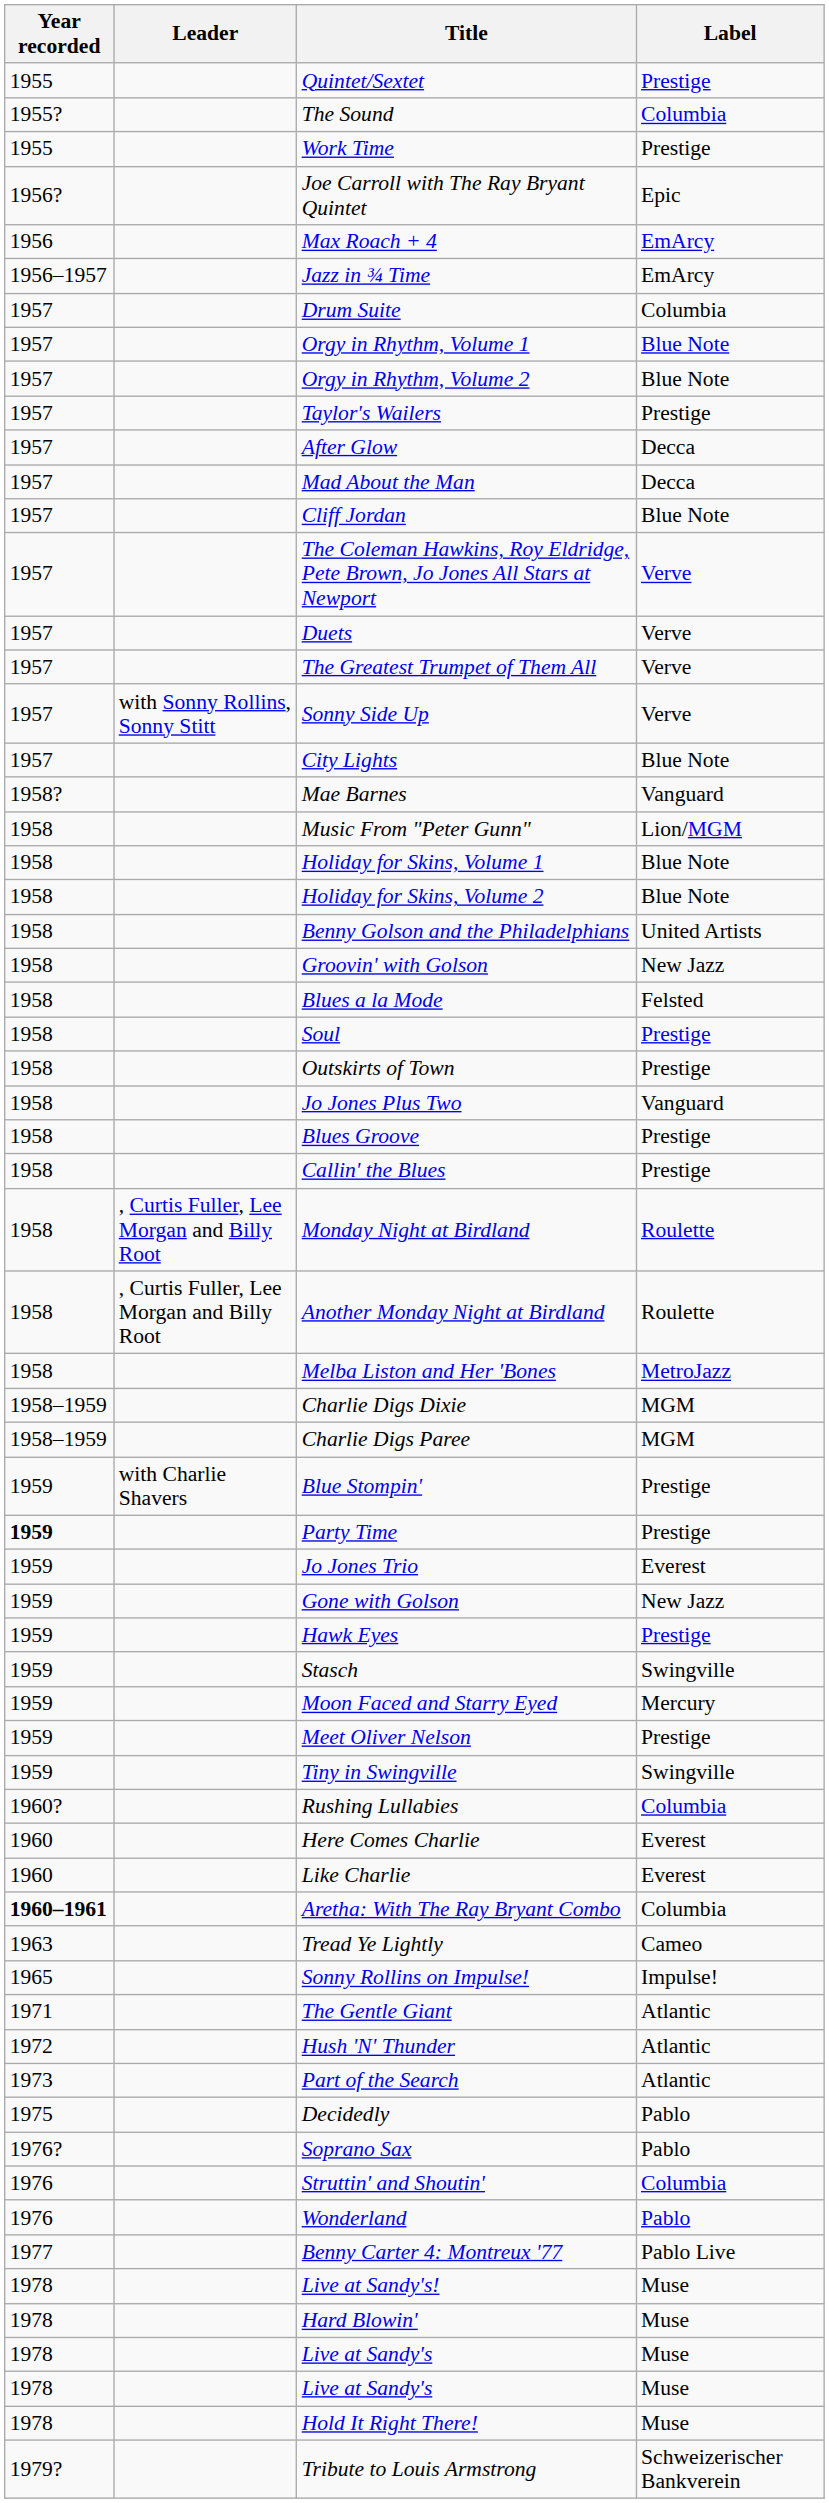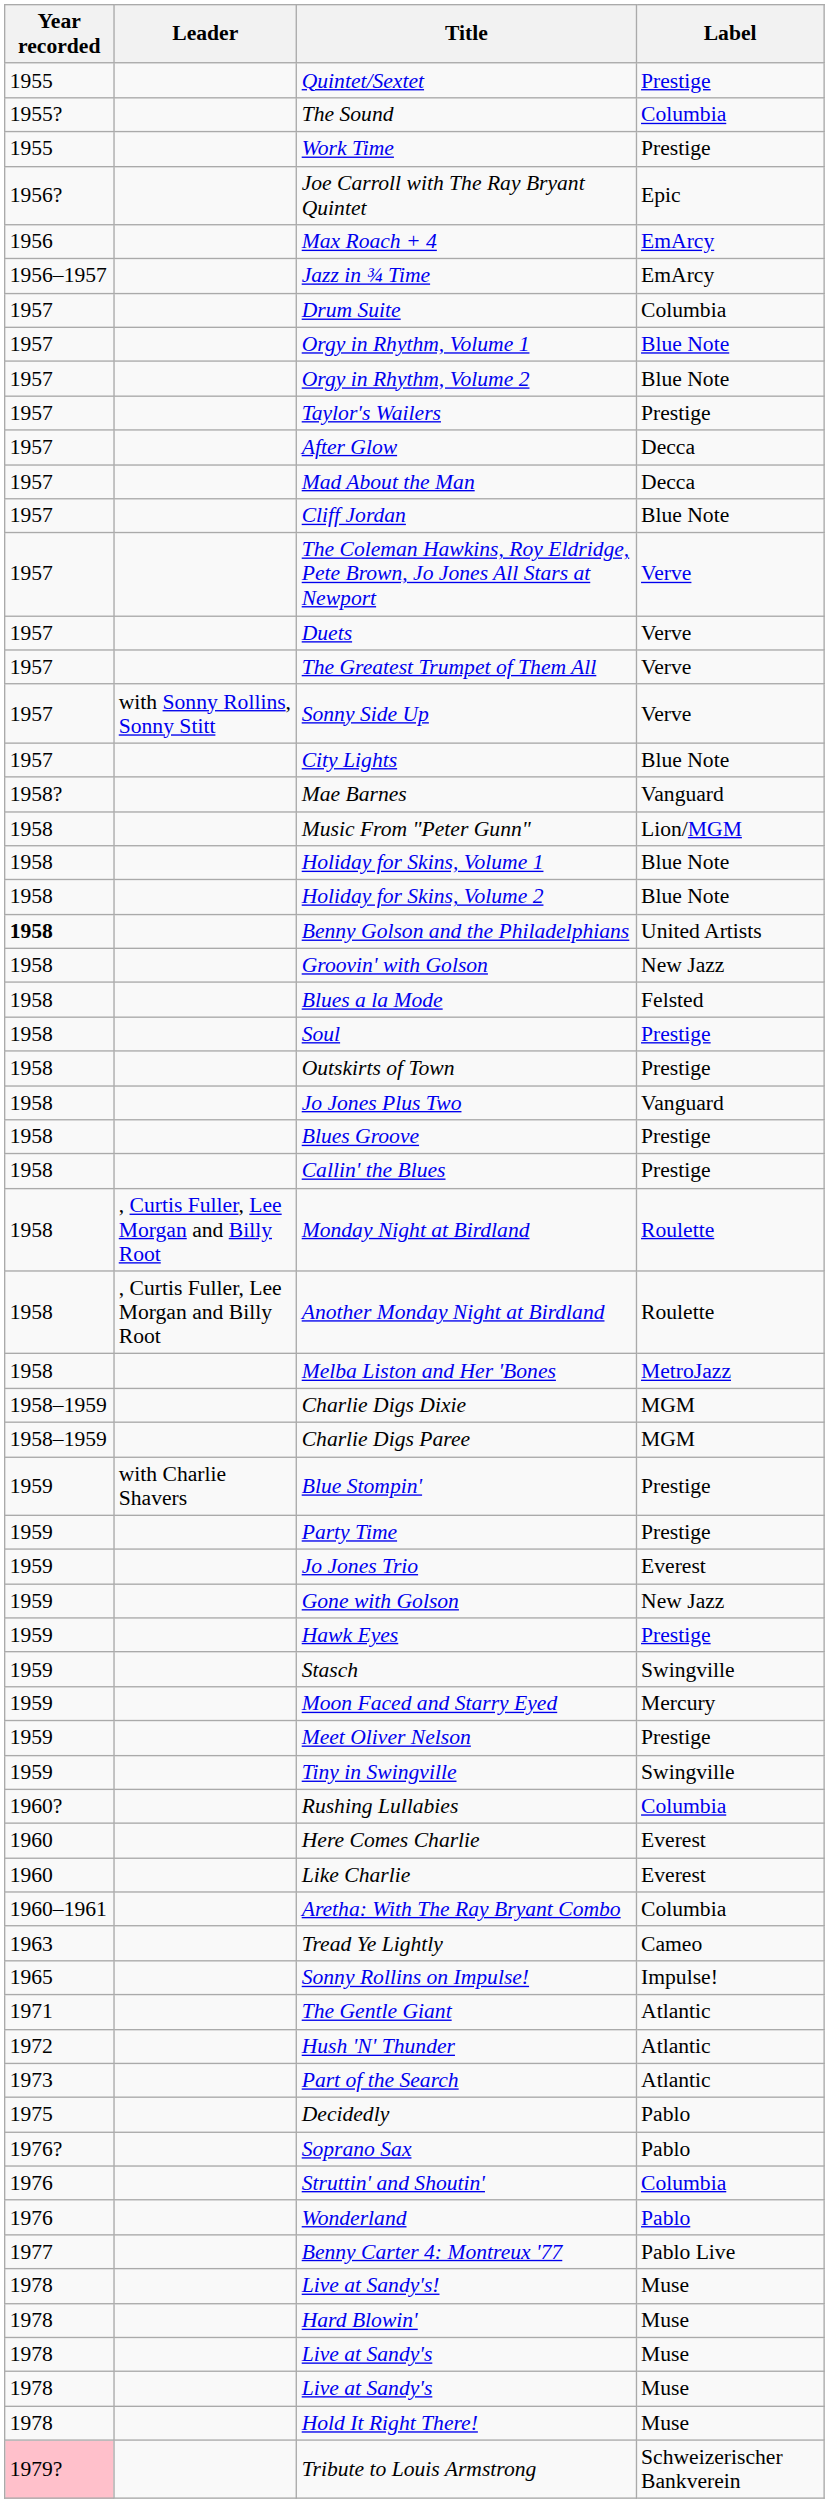 <table class="wikitable sortable">
 <tr>
 <th style="text-align:center;">Year recorded</th>
 <th>Leader</th>
 <th>Title</th>
 <th>Label</th>
 </tr>
 <tr>
 <td>1955</td>
 <td></td>
 <td><em><a href='#'>Quintet/Sextet</a></em></td>
 <td><a href='#'>Prestige</a></td>
 </tr>
 <tr>
 <td>1955?</td>
 <td></td>
 <td><em>The Sound</em></td>
 <td><a href='#'>Columbia</a> </td>
 </tr>
 <tr>
 <td>1955</td>
 <td></td>
 <td><em><a href='#'>Work Time</a></em></td>
 <td>Prestige </td>
 </tr>
 <tr>
 <td>1956?</td>
 <td></td>
 <td><em>Joe Carroll with The Ray Bryant Quintet</em></td>
 <td>Epic </td>
 </tr>
 <tr>
 <td>1956</td>
 <td></td>
 <td><em><a href='#'>Max Roach + 4</a></em></td>
 <td><a href='#'>EmArcy</a></td>
 </tr>
 <tr>
 <td>1956–1957</td>
 <td></td>
 <td><em><a href='#'>Jazz in ¾ Time</a></em></td>
 <td>EmArcy</td>
 </tr>
 <tr>
 <td>1957</td>
 <td></td>
 <td><em><a href='#'>Drum Suite</a></em></td>
 <td>Columbia</td>
 </tr>
 <tr>
 <td>1957</td>
 <td></td>
 <td><em><a href='#'>Orgy in Rhythm, Volume 1</a></em></td>
 <td><a href='#'>Blue Note</a></td>
 </tr>
 <tr>
 <td>1957</td>
 <td></td>
 <td><em><a href='#'>Orgy in Rhythm, Volume 2</a></em></td>
 <td>Blue Note</td>
 </tr>
 <tr>
 <td>1957</td>
 <td></td>
 <td><em><a href='#'>Taylor's Wailers</a></em></td>
 <td>Prestige</td>
 </tr>
 <tr>
 <td>1957</td>
 <td></td>
 <td><em><a href='#'>After Glow</a></em></td>
 <td>Decca</td>
 </tr>
 <tr>
 <td>1957</td>
 <td></td>
 <td><em><a href='#'>Mad About the Man</a></em></td>
 <td>Decca</td>
 </tr>
 <tr>
 <td>1957</td>
 <td></td>
 <td><em><a href='#'>Cliff Jordan</a></em></td>
 <td>Blue Note</td>
 </tr>
 <tr>
 <td>1957</td>
 <td></td>
 <td><em><a href='#'>The Coleman Hawkins, Roy Eldridge, Pete Brown, Jo Jones All Stars at Newport</a></em></td>
 <td><a href='#'>Verve</a></td>
 </tr>
 <tr>
 <td>1957</td>
 <td></td>
 <td><em><a href='#'>Duets</a></em></td>
 <td>Verve</td>
 </tr>
 <tr>
 <td>1957</td>
 <td></td>
 <td><em><a href='#'>The Greatest Trumpet of Them All</a></em></td>
 <td>Verve</td>
 </tr>
 <tr>
 <td>1957</td>
 <td> with <a href='#'>Sonny Rollins</a>, <a href='#'>Sonny Stitt</a></td>
 <td><em><a href='#'>Sonny Side Up</a></em></td>
 <td>Verve</td>
 </tr>
 <tr>
 <td>1957</td>
 <td></td>
 <td><em><a href='#'>City Lights</a></em></td>
 <td>Blue Note</td>
 </tr>
 <tr>
 <td>1958?</td>
 <td></td>
 <td><em>Mae Barnes</em></td>
 <td>Vanguard</td>
 </tr>
 <tr>
 <td>1958</td>
 <td></td>
 <td><em>Music From "Peter Gunn"</em></td>
 <td>Lion/<a href='#'>MGM</a></td>
 </tr>
 <tr>
 <td>1958</td>
 <td></td>
 <td><em><a href='#'>Holiday for Skins, Volume 1</a></em></td>
 <td>Blue Note</td>
 </tr>
 <tr>
 <td>1958</td>
 <td></td>
 <td><em><a href='#'>Holiday for Skins, Volume 2</a></em></td>
 <td>Blue Note</td>
 </tr>
 <tr>
-<td>1958</td>
+<td><strong>1958</strong></td>
 <td></td>
 <td><em><a href='#'>Benny Golson and the Philadelphians</a></em></td>
 <td>United Artists</td>
 </tr>
 <tr>
 <td>1958</td>
 <td></td>
 <td><em><a href='#'>Groovin' with Golson</a></em></td>
 <td>New Jazz</td>
 </tr>
 <tr>
 <td>1958</td>
 <td></td>
 <td><em><a href='#'>Blues a la Mode</a></em></td>
 <td>Felsted</td>
 </tr>
 <tr>
 <td>1958</td>
 <td></td>
 <td><em><a href='#'>Soul</a></em></td>
 <td><a href='#'>Prestige</a></td>
 </tr>
 <tr>
 <td>1958</td>
 <td></td>
 <td><em>Outskirts of Town</em></td>
 <td>Prestige</td>
 </tr>
 <tr>
 <td>1958</td>
 <td></td>
 <td><em><a href='#'>Jo Jones Plus Two</a></em></td>
 <td>Vanguard</td>
 </tr>
 <tr>
 <td>1958</td>
 <td></td>
 <td><em><a href='#'>Blues Groove</a></em></td>
 <td>Prestige</td>
 </tr>
 <tr>
 <td>1958</td>
 <td></td>
 <td><em><a href='#'>Callin' the Blues</a></em></td>
 <td>Prestige</td>
 </tr>
 <tr>
 <td>1958</td>
 <td>, <a href='#'>Curtis Fuller</a>, <a href='#'>Lee Morgan</a> and <a href='#'>Billy Root</a></td>
 <td><em><a href='#'>Monday Night at Birdland</a></em></td>
 <td><a href='#'>Roulette</a></td>
 </tr>
 <tr>
 <td>1958</td>
 <td>, Curtis Fuller, Lee Morgan and Billy Root</td>
 <td><em><a href='#'>Another Monday Night at Birdland</a></em></td>
 <td>Roulette</td>
 </tr>
 <tr>
 <td>1958</td>
 <td></td>
 <td><em><a href='#'>Melba Liston and Her 'Bones</a></em></td>
 <td><a href='#'>MetroJazz</a></td>
 </tr>
 <tr>
 <td>1958–1959</td>
 <td></td>
 <td><em>Charlie Digs Dixie</em></td>
 <td>MGM</td>
 </tr>
 <tr>
 <td>1958–1959</td>
 <td></td>
 <td><em>Charlie Digs Paree</em></td>
 <td>MGM</td>
 </tr>
 <tr>
 <td>1959</td>
 <td> with Charlie Shavers</td>
 <td><em><a href='#'>Blue Stompin'</a></em></td>
 <td>Prestige</td>
 </tr>
 <tr>
-<td><strong>1959</strong></td>
+<td>1959</td>
 <td></td>
 <td><em><a href='#'>Party Time</a></em></td>
 <td>Prestige</td>
 </tr>
 <tr>
 <td>1959</td>
 <td></td>
 <td><em><a href='#'>Jo Jones Trio</a></em></td>
 <td>Everest</td>
 </tr>
 <tr>
 <td>1959</td>
 <td></td>
 <td><em><a href='#'>Gone with Golson</a></em></td>
 <td>New Jazz</td>
 </tr>
 <tr>
 <td>1959</td>
 <td></td>
 <td><em><a href='#'>Hawk Eyes</a></em></td>
 <td><a href='#'>Prestige</a></td>
 </tr>
 <tr>
 <td>1959</td>
 <td></td>
 <td><em>Stasch</em></td>
 <td>Swingville</td>
 </tr>
 <tr>
 <td>1959</td>
 <td></td>
 <td><em><a href='#'>Moon Faced and Starry Eyed</a></em></td>
 <td>Mercury</td>
 </tr>
 <tr>
 <td>1959</td>
 <td></td>
 <td><em><a href='#'>Meet Oliver Nelson</a></em></td>
 <td>Prestige</td>
 </tr>
 <tr>
 <td>1959</td>
 <td></td>
 <td><em><a href='#'>Tiny in Swingville</a></em></td>
 <td>Swingville</td>
 </tr>
 <tr>
 <td>1960?</td>
 <td></td>
 <td><em>Rushing Lullabies</em></td>
 <td><a href='#'>Columbia</a></td>
 </tr>
 <tr>
 <td>1960</td>
 <td></td>
 <td><em>Here Comes Charlie</em></td>
 <td>Everest</td>
 </tr>
 <tr>
 <td>1960</td>
 <td></td>
 <td><em>Like Charlie</em></td>
 <td>Everest</td>
 </tr>
 <tr>
-<td><strong>1960–1961</strong></td>
+<td>1960–1961</td>
 <td></td>
 <td><em><a href='#'>Aretha: With The Ray Bryant Combo</a></em></td>
 <td>Columbia</td>
 </tr>
 <tr>
 <td>1963</td>
 <td></td>
 <td><em>Tread Ye Lightly</em></td>
 <td>Cameo</td>
 </tr>
 <tr>
 <td>1965</td>
 <td></td>
 <td><em><a href='#'>Sonny Rollins on Impulse!</a></em></td>
 <td>Impulse!</td>
 </tr>
 <tr>
 <td>1971</td>
 <td></td>
 <td><em><a href='#'>The Gentle Giant</a></em></td>
 <td>Atlantic</td>
 </tr>
 <tr>
 <td>1972</td>
 <td></td>
 <td><em><a href='#'>Hush 'N' Thunder</a></em></td>
 <td>Atlantic</td>
 </tr>
 <tr>
 <td>1973</td>
 <td></td>
 <td><em><a href='#'>Part of the Search</a></em></td>
 <td>Atlantic</td>
 </tr>
 <tr>
 <td>1975</td>
 <td></td>
 <td><em>Decidedly</em></td>
 <td>Pablo </td>
 </tr>
 <tr>
 <td>1976?</td>
 <td></td>
 <td><em><a href='#'>Soprano Sax</a></em></td>
 <td>Pablo</td>
 </tr>
 <tr>
 <td>1976</td>
 <td></td>
 <td><em><a href='#'>Struttin' and Shoutin'</a></em></td>
 <td><a href='#'>Columbia</a></td>
 </tr>
 <tr>
 <td>1976</td>
 <td></td>
 <td><em><a href='#'>Wonderland</a></em></td>
 <td><a href='#'>Pablo</a></td>
 </tr>
 <tr>
 <td>1977</td>
 <td></td>
 <td><em><a href='#'>Benny Carter 4: Montreux '77</a></em></td>
 <td>Pablo Live</td>
 </tr>
 <tr>
 <td>1978</td>
 <td></td>
 <td><em><a href='#'>Live at Sandy's!</a></em></td>
 <td>Muse</td>
 </tr>
 <tr>
 <td>1978</td>
 <td></td>
 <td><em><a href='#'>Hard Blowin'</a></em></td>
 <td>Muse</td>
 </tr>
 <tr>
 <td>1978</td>
 <td></td>
 <td><em><a href='#'>Live at Sandy's</a></em></td>
 <td>Muse</td>
 </tr>
 <tr>
 <td>1978</td>
 <td></td>
 <td><em><a href='#'>Live at Sandy's</a></em></td>
 <td>Muse</td>
 </tr>
 <tr>
 <td>1978</td>
 <td></td>
 <td><em><a href='#'>Hold It Right There!</a></em></td>
 <td>Muse</td>
 </tr>
 <tr>
-<td>1979?</td>
+<td style="background: pink;">1979?</td>
 <td></td>
 <td><em>Tribute to Louis Armstrong</em></td>
 <td>Schweizerischer Bankverein</td>
 </tr>
 </table>
